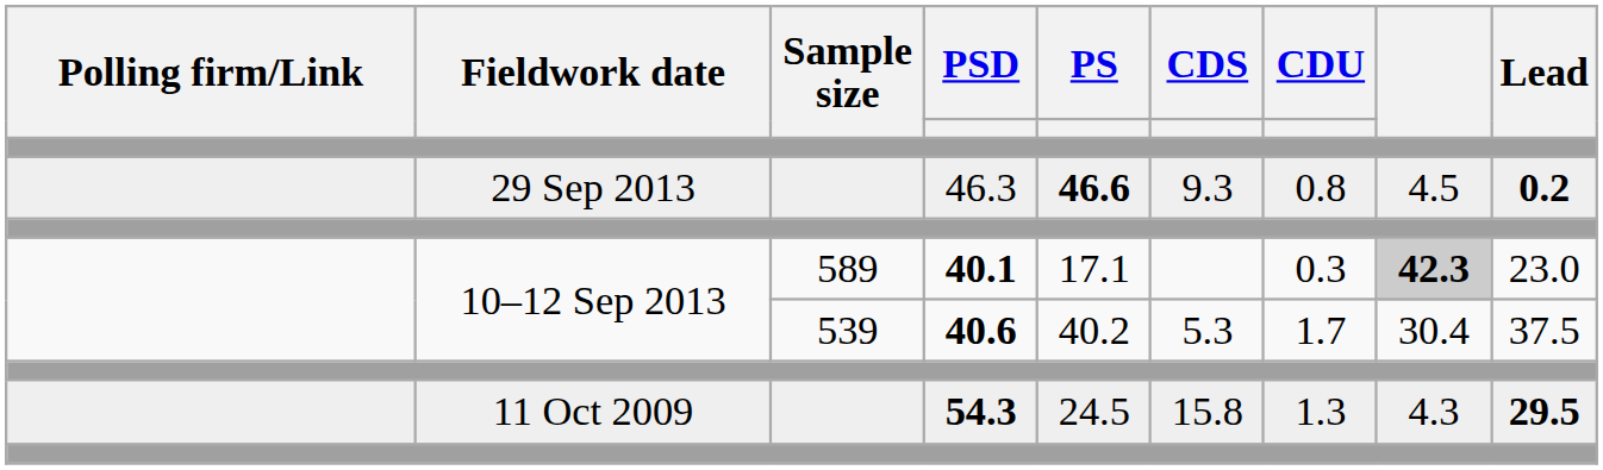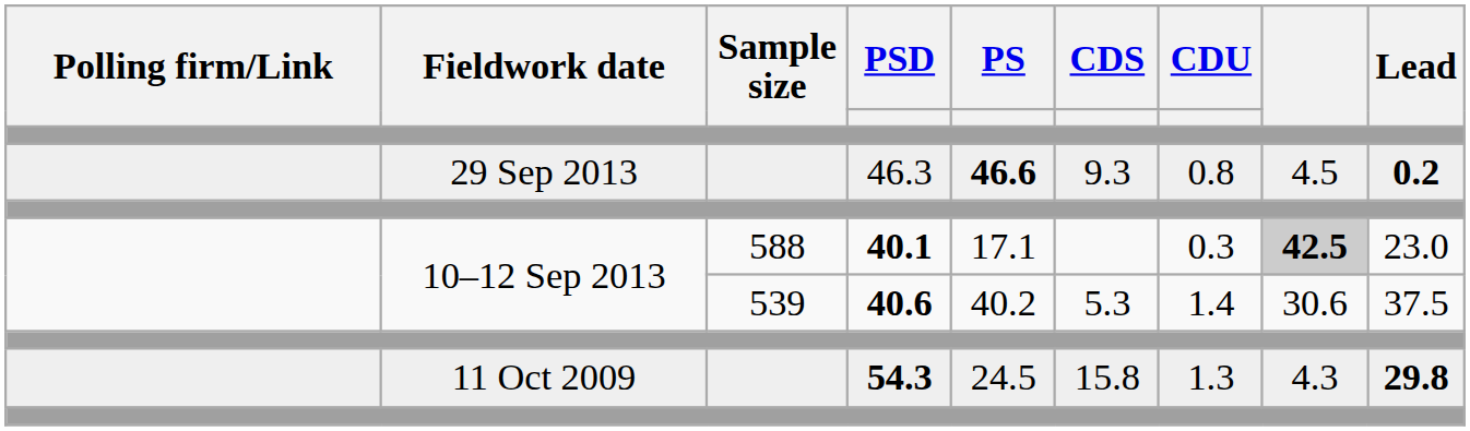 <table class="wikitable collapsible sortable" style="text-align:center; font-size:95%; line-height:16px;">
 <tr style="height:42px;">
 <th style="width:145px;" rowspan="2">Polling firm/Link</th>
 <th style="width:125px;" rowspan="2">Fieldwork date</th>
 <th class="unsortable" style="width:50px;" rowspan="2">Sample size</th>
 <th class="unsortable" style="width:35px;"><a href='#'>PSD</a></th>
 <th class="unsortable" style="width:35px;"><a href='#'>PS</a></th>
 <th class="unsortable" style="width:35px;"><a href='#'>CDS</a></th>
 <th class="unsortable" style="width:35px;"><a href='#'>CDU</a></th>
 <th class="unsortable" style="width:35px;" rowspan="2"></th>
 <th class="unsortable" style="width:30px;" rowspan="2">Lead</th>
 </tr>
 <tr>
 <th class="unsortable" style="color:inherit;background:"></th>
 <th class="unsortable" style="color:inherit;background:"></th>
 <th class="unsortable" style="color:inherit;background:"></th>
 <th class="unsortable" style="color:inherit;background:"></th>
 </tr>
 <tr>
 <td colspan="13" style="background:#A0A0A0"></td>
 </tr>
 <tr style="background:#EFEFEF;">
 <td><strong></strong></td>
 <td data-sort-value="2019-10-06">29 Sep 2013</td>
 <td></td>
 <td>46.3<br></td>
 <td><strong>46.6</strong><br></td>
 <td>9.3<br></td>
 <td>0.8<br></td>
 <td>4.5</td>
 <td style="background:"><strong>0.2</strong></td>
 </tr>
 <tr>
 <td colspan="13" style="background:#A0A0A0"></td>
 </tr>
 <tr>
 <td rowspan="2" align="center"></td>
 <td rowspan="2" align="center">10–12 Sep 2013</td>
-<td>589</td>
+<td>588</td>
 <td align="center" ><strong>40.1</strong></td>
 <td align="center">17.1</td>
 <td></td>
 <td align="center">0.3</td>
-<td align="center" style="background:#cccccc"><strong>42.3</strong></td>
+<td align="center" style="background:#cccccc"><strong>42.5</strong></td>
 <td style="background:">23.0</td>
 </tr>
 <tr>
 <td>539</td>
 <td align="center" ><strong>40.6</strong></td>
 <td align="center">40.2</td>
 <td align="center">5.3</td>
-<td align="center">1.7</td>
-<td align="center">30.4</td>
+<td align="center">1.4</td>
+<td align="center">30.6</td>
 <td style="background:">37.5</td>
 </tr>
 <tr>
 <td colspan="13" style="background:#A0A0A0"></td>
 </tr>
 <tr style="background:#EFEFEF;">
 <td><strong></strong></td>
 <td data-sort-value="2019-10-06">11 Oct 2009</td>
 <td></td>
 <td><strong>54.3</strong><br></td>
 <td>24.5<br></td>
 <td>15.8<br></td>
 <td>1.3<br></td>
 <td>4.3</td>
-<td style="background:"><strong>29.5</strong></td>
+<td style="background:"><strong>29.8</strong></td>
 </tr>
 <tr>
 <td colspan="13" style="background:#A0A0A0"></td>
 </tr>
 <tr>
 </tr>
 </table>
